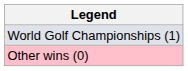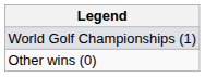 <table class="wikitable" style="font-size:95%;">
 <tr>
 <th>Legend</th>
 </tr>
 <tr style="background:#dfe2e9;">
 <td>World Golf Championships (1)</td>
 </tr>
 <tr>
-<td style="background: pink;">Other wins (0)</td>
+<td>Other wins (0)</td>
 </tr>
 </table>
